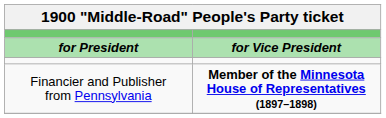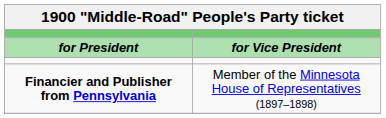 <table class="wikitable" style="font-size:90%; text-align:center;">
 <tr>
 <td style="background:#f1f1f1;" colspan="30"><big><strong>1900 "Middle-Road" People's Party ticket</strong></big></td>
 </tr>
 <tr>
 <th style="width:3em; font-size:135%; background:#6EC96F; width:200px;"><a href='#'></a></th>
 <th style="width:3em; font-size:135%; background:#6EC96F; width:200px;"><a href='#'></a></th>
 </tr>
 <tr>
 <td style="width:3em; font-size:100%; color:#000; background:#ACE1AF; width:200px;"><strong><em>for President</em></strong></td>
 <td style="width:3em; font-size:100%; color:#000; background:#ACE1AF; width:200px;"><strong><em>for Vice President</em></strong></td>
 </tr>
 <tr>
 <td></td>
 <td></td>
 </tr>
 <tr>
-<td>Financier and Publisher<br>from <a href='#'>Pennsylvania</a></td>
-<td><strong>Member of the <a href='#'>Minnesota<br>House of Representatives</a><br><small>(1897–1898)</small></strong></td>
+<td><strong>Financier and Publisher<br>from <a href='#'>Pennsylvania</a></strong></td>
+<td>Member of the <a href='#'>Minnesota<br>House of Representatives</a><br><small>(1897–1898)</small></td>
 </tr>
 <tr>
 </tr>
 </table>
